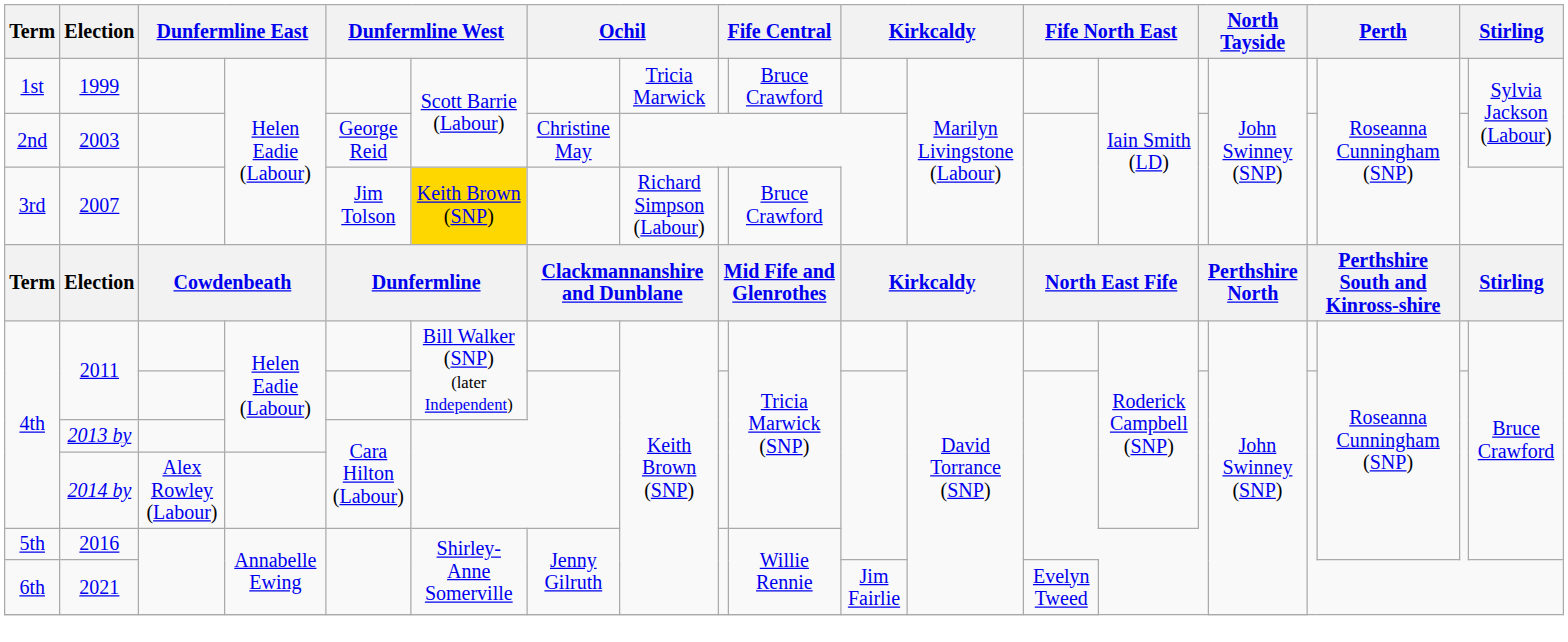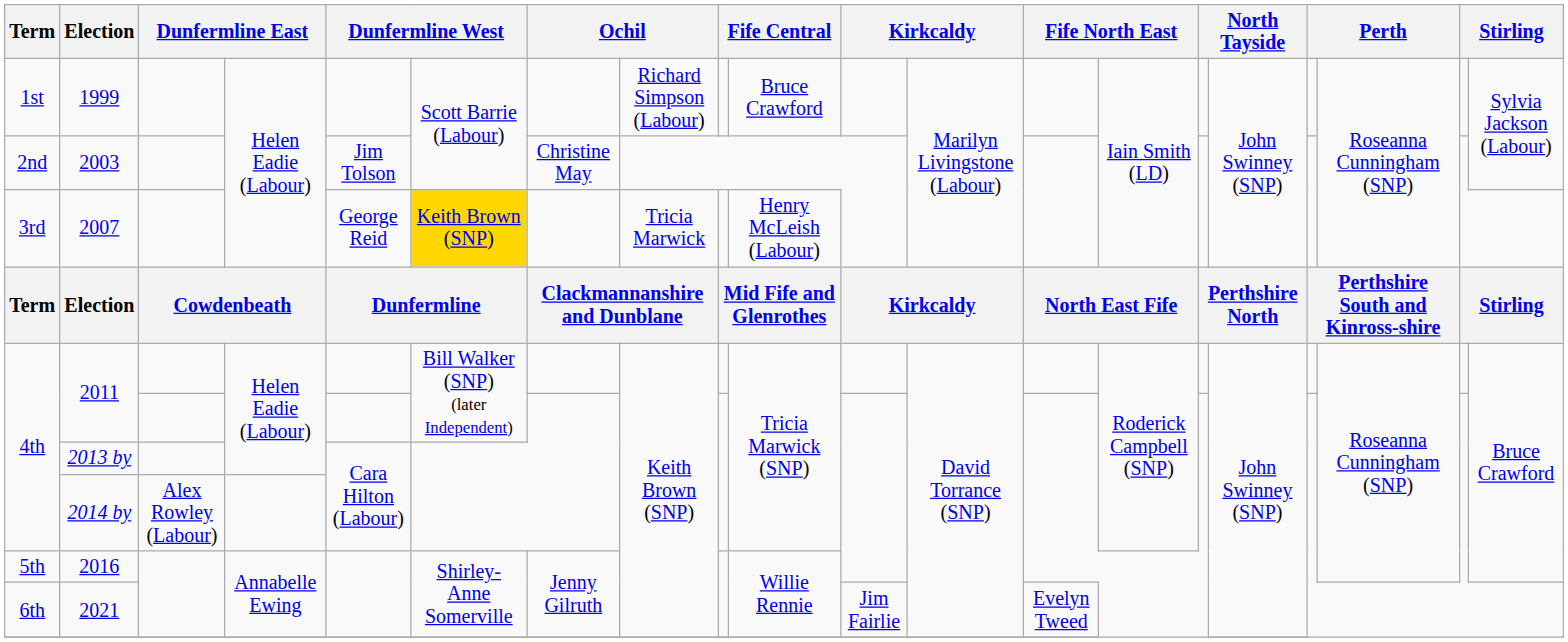 <table class="wikitable" style="text-align:center">
 <tr>
 <th>Term</th>
 <th>Election</th>
 <th colspan="2"><a href='#'>Dunfermline East</a></th>
 <th colspan="2"><a href='#'>Dunfermline West</a></th>
 <th colspan="2"><a href='#'>Ochil</a></th>
 <th colspan="2"><a href='#'>Fife Central</a></th>
 <th colspan="2"><a href='#'>Kirkcaldy</a></th>
 <th colspan="2"><a href='#'>Fife North East</a></th>
 <th colspan="2"><a href='#'>North Tayside</a></th>
 <th colspan="2"><a href='#'>Perth</a></th>
 <th colspan="2"><a href='#'>Stirling</a></th>
 </tr>
 <tr>
 <td><a href='#'>1st</a></td>
 <td><a href='#'>1999</a></td>
 <td></td>
 <td rowspan="3"><a href='#'>Helen Eadie</a><br>(<a href='#'>Labour</a>)</td>
 <td></td>
 <td rowspan="2"><a href='#'>Scott Barrie</a><br>(<a href='#'>Labour</a>)</td>
 <td></td>
-<td><a href='#'>Tricia Marwick</a><br></td>
+<td><a href='#'>Richard Simpson</a><br>(<a href='#'>Labour</a>)</td>
 <td></td>
 <td><a href='#'>Bruce Crawford</a><br></td>
 <td></td>
 <td rowspan="3"><a href='#'>Marilyn Livingstone</a><br>(<a href='#'>Labour</a>)</td>
 <td></td>
 <td rowspan="3"><a href='#'>Iain Smith</a><br>(<a href='#'>LD</a>)</td>
 <td></td>
 <td rowspan="3"><a href='#'>John Swinney</a><br>(<a href='#'>SNP</a>)</td>
 <td></td>
 <td rowspan="3"><a href='#'>Roseanna Cunningham</a> <br>(<a href='#'>SNP</a>)</td>
 <td></td>
 <td rowspan="2"><a href='#'>Sylvia Jackson</a><br>(<a href='#'>Labour</a>)</td>
 </tr>
 <tr>
 <td><a href='#'>2nd</a></td>
 <td><a href='#'>2003</a></td>
 <td></td>
-<td><a href='#'>George Reid</a><br></td>
+<td><a href='#'>Jim Tolson</a><br></td>
 <td><a href='#'>Christine May</a><br></td>
 </tr>
 <tr>
 <td><a href='#'>3rd</a></td>
 <td><a href='#'>2007</a></td>
 <td></td>
-<td><a href='#'>Jim Tolson</a><br></td>
+<td><a href='#'>George Reid</a><br></td>
 <td style="background: gold;"><a href='#'>Keith Brown</a><br>(<a href='#'>SNP</a>)</td>
 <td></td>
-<td><a href='#'>Richard Simpson</a><br>(<a href='#'>Labour</a>)</td>
+<td><a href='#'>Tricia Marwick</a><br></td>
 <td></td>
-<td><a href='#'>Bruce Crawford</a><br></td>
+<td><a href='#'>Henry McLeish</a><br>(<a href='#'>Labour</a>)</td>
 </tr>
 <tr>
 <th>Term</th>
 <th>Election</th>
 <th colspan="2"><a href='#'>Cowdenbeath</a></th>
 <th colspan="2"><a href='#'>Dunfermline</a></th>
 <th colspan="2"><a href='#'>Clackmannanshire and Dunblane</a></th>
 <th colspan="2"><a href='#'>Mid Fife and Glenrothes</a></th>
 <th colspan="2"><a href='#'>Kirkcaldy</a></th>
 <th colspan="2"><a href='#'>North East Fife</a></th>
 <th colspan="2"><a href='#'>Perthshire North</a></th>
 <th colspan="2"><a href='#'>Perthshire South and Kinross-shire</a></th>
 <th colspan="2"><a href='#'>Stirling</a></th>
 </tr>
 <tr>
 <td rowspan="4"><a href='#'>4th</a></td>
 <td rowspan="2"><a href='#'>2011</a></td>
 <td></td>
 <td rowspan="3"><a href='#'>Helen Eadie</a><br>(<a href='#'>Labour</a>)</td>
 <td></td>
 <td rowspan="2"><a href='#'>Bill Walker</a><br>(<a href='#'>SNP</a>)<br><small>(later <a href='#'>Independent</a>)</small></td>
 <td></td>
 <td rowspan="6"><a href='#'>Keith Brown</a><br>(<a href='#'>SNP</a>)</td>
 <td></td>
 <td rowspan="4"><a href='#'>Tricia Marwick</a><br>(<a href='#'>SNP</a>)</td>
 <td></td>
 <td rowspan="6"><a href='#'>David Torrance</a><br>(<a href='#'>SNP</a>)</td>
 <td></td>
 <td rowspan="4"><a href='#'>Roderick Campbell</a><br>(<a href='#'>SNP</a>)</td>
 <td></td>
 <td rowspan="6"><a href='#'>John Swinney</a><br>(<a href='#'>SNP</a>)</td>
 <td></td>
 <td rowspan="5"><a href='#'>Roseanna Cunningham</a> <br>(<a href='#'>SNP</a>)</td>
 <td></td>
 <td rowspan="5"><a href='#'>Bruce Crawford</a><br></td>
 </tr>
 <tr>
 <td></td>
 </tr>
 <tr>
 <td><em><a href='#'>2013 by</a></em></td>
 <td></td>
 <td rowspan="2"><a href='#'>Cara Hilton</a><br>(<a href='#'>Labour</a>)</td>
 </tr>
 <tr>
 <td><em><a href='#'>2014 by</a></em></td>
 <td><a href='#'>Alex Rowley</a><br>(<a href='#'>Labour</a>)</td>
 </tr>
 <tr>
 <td><a href='#'>5th</a></td>
 <td><a href='#'>2016</a></td>
 <td rowspan="2"></td>
 <td rowspan="2"><a href='#'>Annabelle Ewing</a><br></td>
 <td rowspan="2"></td>
 <td rowspan="2"><a href='#'>Shirley-Anne Somerville</a><br></td>
 <td rowspan="2"><a href='#'>Jenny Gilruth</a><br></td>
 <td rowspan="2"></td>
 <td rowspan="2"><a href='#'>Willie Rennie</a><br></td>
 </tr>
 <tr>
 <td><a href='#'>6th</a></td>
 <td><a href='#'>2021</a></td>
 <td rowspan="1"><a href='#'>Jim Fairlie</a><br></td>
 <td><a href='#'>Evelyn Tweed</a><br></td>
 </tr>
 <tr>
 </tr>
 </table>
